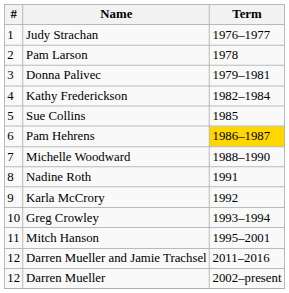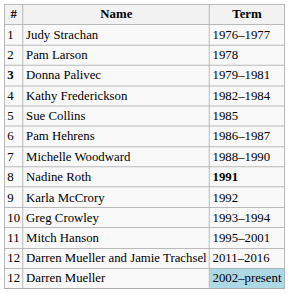 <table class=wikitable>
 <tr>
 <th>#</th>
 <th>Name</th>
 <th>Term</th>
 </tr>
 <tr>
 <td>1</td>
 <td>Judy Strachan</td>
 <td>1976–1977</td>
 </tr>
 <tr>
 <td>2</td>
 <td>Pam Larson</td>
 <td>1978</td>
 </tr>
 <tr>
-<td>3</td>
+<td><strong>3</strong></td>
 <td>Donna Palivec</td>
 <td>1979–1981</td>
 </tr>
 <tr>
 <td>4</td>
 <td>Kathy Frederickson</td>
 <td>1982–1984</td>
 </tr>
 <tr>
 <td>5</td>
 <td>Sue Collins</td>
 <td>1985</td>
 </tr>
 <tr>
 <td>6</td>
 <td>Pam Hehrens</td>
-<td style="background: gold;">1986–1987</td>
+<td>1986–1987</td>
 </tr>
 <tr>
 <td>7</td>
 <td>Michelle Woodward</td>
 <td>1988–1990</td>
 </tr>
 <tr>
 <td>8</td>
 <td>Nadine Roth</td>
-<td>1991</td>
+<td><strong>1991</strong></td>
 </tr>
 <tr>
 <td>9</td>
 <td>Karla McCrory</td>
 <td>1992</td>
 </tr>
 <tr>
 <td>10</td>
 <td>Greg Crowley</td>
 <td>1993–1994</td>
 </tr>
 <tr>
 <td>11</td>
 <td>Mitch Hanson</td>
 <td>1995–2001</td>
 </tr>
 <tr>
 <td>12</td>
 <td>Darren Mueller and Jamie Trachsel</td>
 <td>2011–2016</td>
 </tr>
 <tr>
 <td>12</td>
 <td>Darren Mueller</td>
-<td>2002–present</td>
+<td style="background: lightblue;">2002–present</td>
 </tr>
 <tr>
 </tr>
 </table>
